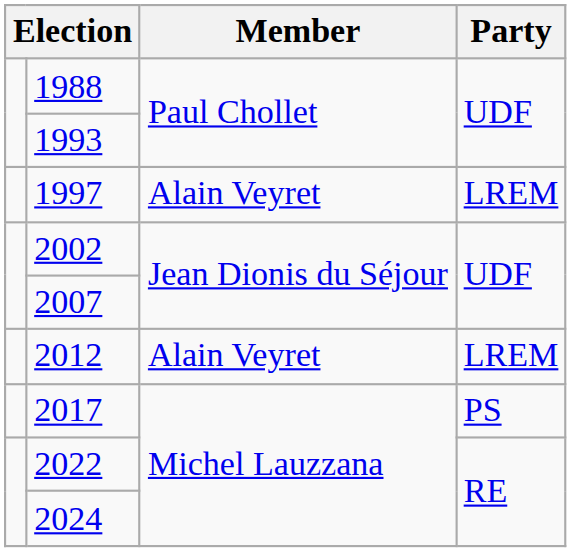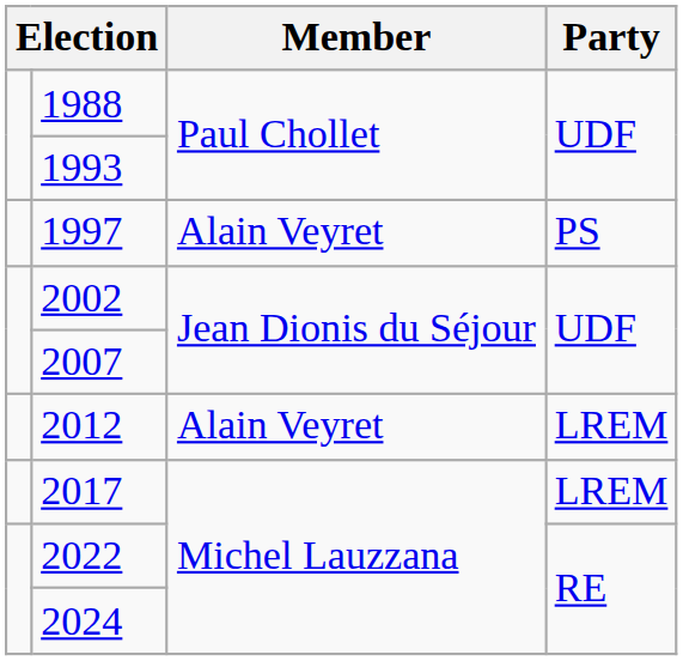 <table class="wikitable">
 <tr>
 <th colspan=2>Election</th>
 <th>Member</th>
 <th>Party</th>
 </tr>
 <tr>
 <td rowspan="2" style="background-color: "></td>
 <td><a href='#'>1988</a></td>
 <td rowspan="2"><a href='#'>Paul Chollet</a></td>
 <td rowspan="2"><a href='#'>UDF</a></td>
 </tr>
 <tr>
 <td><a href='#'>1993</a></td>
 </tr>
 <tr>
 <td style="background-color: "></td>
 <td><a href='#'>1997</a></td>
 <td><a href='#'>Alain Veyret</a></td>
-<td><a href='#'>LREM</a></td>
+<td><a href='#'>PS</a></td>
 </tr>
 <tr>
 <td rowspan="2" style="background-color: "></td>
 <td><a href='#'>2002</a></td>
 <td rowspan="2"><a href='#'>Jean Dionis du Séjour</a></td>
 <td rowspan="2"><a href='#'>UDF</a></td>
 </tr>
 <tr>
 <td><a href='#'>2007</a></td>
 </tr>
 <tr>
 <td style="background-color: "></td>
 <td><a href='#'>2012</a></td>
 <td><a href='#'>Alain Veyret</a></td>
 <td><a href='#'>LREM</a></td>
 </tr>
 <tr>
 <td style="background-color: "></td>
 <td><a href='#'>2017</a></td>
 <td rowspan="3"><a href='#'>Michel Lauzzana</a></td>
-<td><a href='#'>PS</a></td>
+<td><a href='#'>LREM</a></td>
 </tr>
 <tr>
 <td rowspan="2" style="background-color: "></td>
 <td><a href='#'>2022</a></td>
 <td rowspan="2"><a href='#'>RE</a></td>
 </tr>
 <tr>
 <td><a href='#'>2024</a></td>
 </tr>
 </table>
